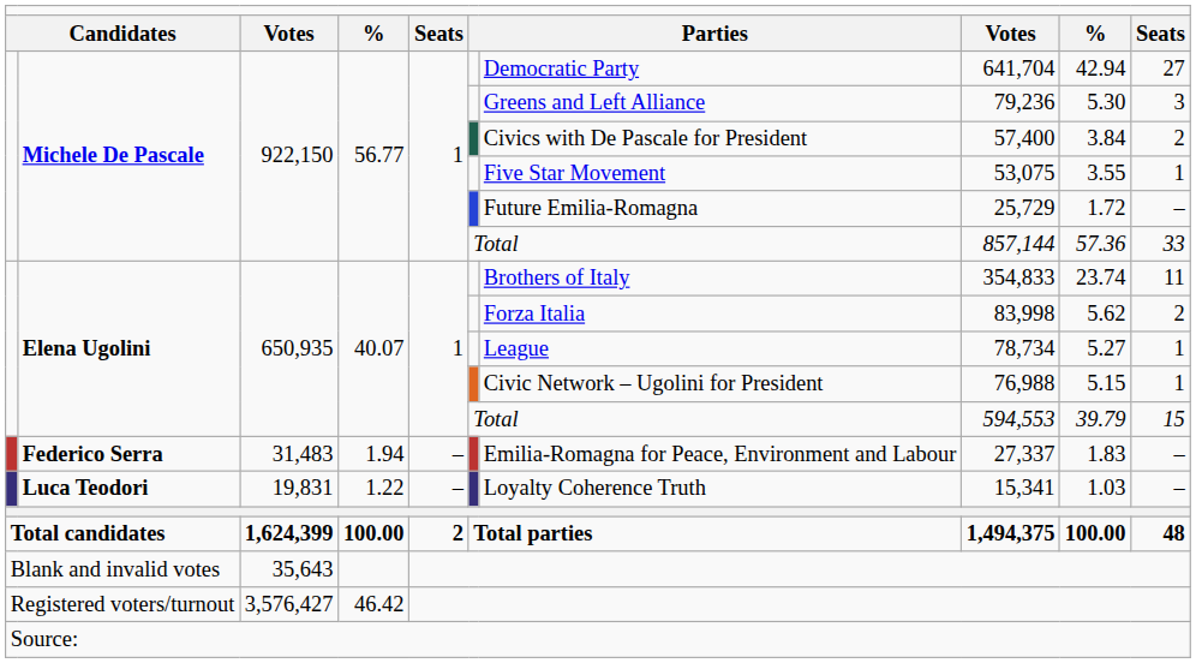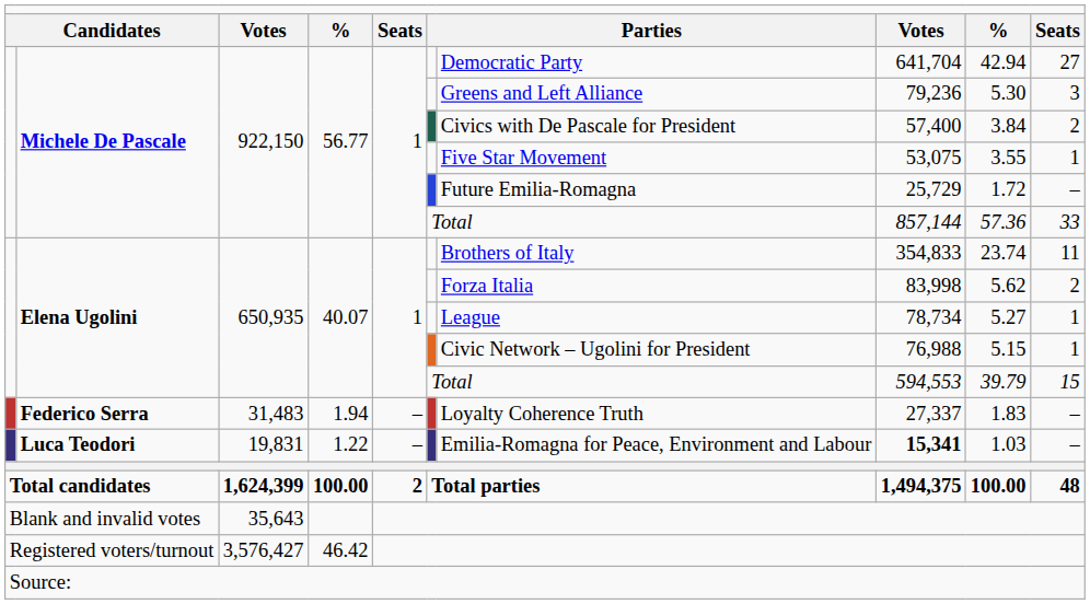 <table class="wikitable">
 <tr>
 <td colspan="10" style="text-align:center"></td>
 </tr>
 <tr>
 <th colspan=2>Candidates</th>
 <th>Votes</th>
 <th>%</th>
 <th>Seats</th>
 <th colspan=2>Parties</th>
 <th>Votes</th>
 <th>%</th>
 <th>Seats</th>
 </tr>
 <tr>
 <td rowspan=6></td>
 <td rowspan=6><strong><a href='#'>Michele De Pascale</a></strong></td>
 <td rowspan="6" align=right>922,150</td>
 <td rowspan="6" align=right>56.77</td>
 <td rowspan="6" align=right>1</td>
 <td></td>
 <td><a href='#'>Democratic Party</a></td>
 <td align=right>641,704</td>
 <td align=right>42.94</td>
 <td align=right>27</td>
 </tr>
 <tr>
 <td></td>
 <td><a href='#'>Greens and Left Alliance</a></td>
 <td align=right>79,236</td>
 <td align=right>5.30</td>
 <td align=right>3</td>
 </tr>
 <tr>
 <td bgcolor="#1e5f4d"></td>
 <td>Civics with De Pascale for President</td>
 <td align=right>57,400</td>
 <td align=right>3.84</td>
 <td align=right>2</td>
 </tr>
 <tr>
 <td></td>
 <td><a href='#'>Five Star Movement</a></td>
 <td align=right>53,075</td>
 <td align=right>3.55</td>
 <td align=right>1</td>
 </tr>
 <tr>
 <td bgcolor="#2543D6"></td>
 <td>Future Emilia-Romagna</td>
 <td align=right>25,729</td>
 <td align=right>1.72</td>
 <td align=right>–</td>
 </tr>
 <tr>
 <td colspan=2><em>Total</em></td>
 <td align=right><em>857,144</em></td>
 <td align=right><em>57.36</em></td>
 <td align=right><em>33</em></td>
 </tr>
 <tr>
 <td rowspan=5></td>
 <td rowspan=5><strong>Elena Ugolini</strong></td>
 <td rowspan="5" align=right>650,935</td>
 <td rowspan="5" align=right>40.07</td>
 <td rowspan="5" align=right>1</td>
 <td></td>
 <td><a href='#'>Brothers of Italy</a></td>
 <td align=right>354,833</td>
 <td align=right>23.74</td>
 <td align=right>11</td>
 </tr>
 <tr>
 <td></td>
 <td><a href='#'>Forza Italia</a></td>
 <td align=right>83,998</td>
 <td align=right>5.62</td>
 <td align=right>2</td>
 </tr>
 <tr>
 <td></td>
 <td><a href='#'>League</a></td>
 <td align=right>78,734</td>
 <td align=right>5.27</td>
 <td align=right>1</td>
 </tr>
 <tr>
 <td bgcolor="#E06621"></td>
 <td>Civic Network – Ugolini for President</td>
 <td align=right>76,988</td>
 <td align=right>5.15</td>
 <td align=right>1</td>
 </tr>
 <tr>
 <td colspan=2><em>Total</em></td>
 <td align=right><em>594,553</em></td>
 <td align=right><em>39.79</em></td>
 <td align=right><em>15</em></td>
 </tr>
 <tr>
 <td bgcolor="#bc3331"></td>
 <td><strong>Federico Serra</strong></td>
 <td align="right">31,483</td>
 <td align="right">1.94</td>
 <td align="right">–</td>
 <td bgcolor="#bc3331"></td>
-<td>Emilia-Romagna for Peace, Environment and Labour</td>
+<td>Loyalty Coherence Truth</td>
 <td align="right">27,337</td>
 <td align="right">1.83</td>
 <td align="right">–</td>
 </tr>
 <tr>
 <td style="background-color:#362E79"></td>
 <td><strong>Luca Teodori</strong></td>
 <td align="right">19,831</td>
 <td align="right">1.22</td>
 <td align="right">–</td>
 <td style="background-color:#362E79"></td>
-<td>Loyalty Coherence Truth</td>
-<td align="right">15,341</td>
+<td>Emilia-Romagna for Peace, Environment and Labour</td>
+<td align="right"><strong>15,341</strong></td>
 <td align="right">1.03</td>
 <td align="right">–</td>
 </tr>
 <tr>
 <th colspan=10></th>
 </tr>
 <tr>
 <td colspan=2><strong>Total candidates</strong></td>
 <td align=right><strong>1,624,399</strong></td>
 <td align=right><strong>100.00</strong></td>
 <td align=right><strong>2</strong></td>
 <td colspan=2><strong>Total parties</strong></td>
 <td align=right><strong>1,494,375</strong></td>
 <td align=right><strong>100.00</strong></td>
 <td align=right><strong>48</strong></td>
 </tr>
 <tr>
 <td colspan=2>Blank and invalid votes</td>
 <td align=right>35,643</td>
 <td align=right></td>
 <td colspan=6></td>
 </tr>
 <tr>
 <td colspan=2>Registered voters/turnout</td>
 <td align=right>3,576,427</td>
 <td align=right>46.42</td>
 <td colspan=6></td>
 </tr>
 <tr>
 <td colspan=10>Source: </td>
 </tr>
 </table>
